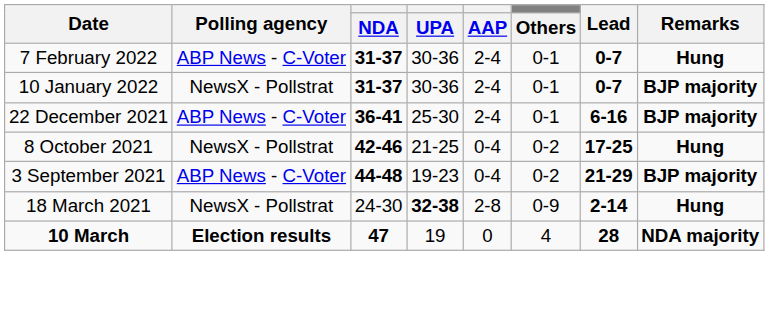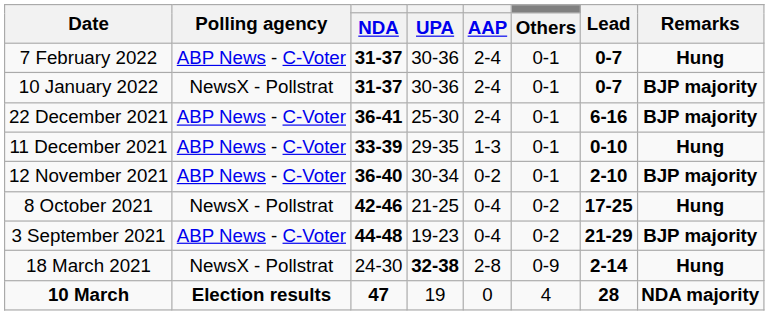 <table class="wikitable sortable" style="text-align:center";font-size:95%;>
 <tr>
 <th rowspan="2">Date</th>
 <th rowspan="2">Polling agency</th>
 <th style="background:"></th>
 <th style="background:"></th>
 <th style="text-align:center; background:"></th>
 <th style="background:gray;"></th>
 <th rowspan="2">Lead</th>
 <th rowspan="2">Remarks</th>
 </tr>
 <tr>
 <th><a href='#'>NDA</a></th>
 <th><a href='#'>UPA</a></th>
 <th><a href='#'>AAP</a></th>
 <th>Others</th>
 </tr>
 <tr>
 <td>7 February 2022</td>
 <td><a href='#'>ABP News</a> - <a href='#'>C-Voter</a></td>
 <td style="background:"><strong>31-37</strong></td>
 <td>30-36</td>
 <td>2-4</td>
 <td>0-1</td>
 <td style="background:"><strong>0-7</strong></td>
 <td><strong>Hung</strong></td>
 </tr>
 <tr>
 <td>10 January 2022</td>
 <td>NewsX - Pollstrat</td>
 <td style="background:"><strong>31-37</strong></td>
 <td>30-36</td>
 <td>2-4</td>
 <td>0-1</td>
 <td style="background:"><strong>0-7</strong></td>
 <td style="background:"><strong>BJP majority</strong></td>
 </tr>
 <tr>
 <td>22 December 2021</td>
 <td><a href='#'>ABP News</a> - <a href='#'>C-Voter</a></td>
 <td style="background:"><strong>36-41</strong></td>
 <td>25-30</td>
 <td>2-4</td>
 <td>0-1</td>
 <td style="background:"><strong>6-16</strong></td>
 <td style="background:"><strong>BJP majority</strong></td>
 </tr>
 <tr>
+<td>11 December 2021</td>
+<td><a href='#'>ABP News</a> - <a href='#'>C-Voter</a></td>
+<td style="background:"><strong>33-39</strong></td>
+<td>29-35</td>
+<td>1-3</td>
+<td>0-1</td>
+<td style="background:"><strong>0-10</strong></td>
+<td><strong>Hung</strong></td>
+</tr>
+<tr>
+<td>12 November 2021</td>
+<td><a href='#'>ABP News</a> - <a href='#'>C-Voter</a></td>
+<td style="background:"><strong>36-40</strong></td>
+<td>30-34</td>
+<td>0-2</td>
+<td>0-1</td>
+<td style="background:"><strong>2-10</strong></td>
+<td style="background:"><strong>BJP majority</strong></td>
+</tr>
+<tr>
 <td>8 October 2021</td>
 <td>NewsX - Pollstrat</td>
 <td style="background:"><strong>42-46</strong></td>
 <td>21-25</td>
 <td>0-4</td>
 <td>0-2</td>
 <td style="background:"><strong>17-25</strong></td>
 <td><strong>Hung</strong></td>
 </tr>
 <tr>
 <td>3 September 2021</td>
 <td><a href='#'>ABP News</a> - <a href='#'>C-Voter</a></td>
 <td style="background:"><strong>44-48</strong></td>
 <td>19-23</td>
 <td>0-4</td>
 <td>0-2</td>
 <td style="background:"><strong>21-29</strong></td>
 <td style="background:"><strong>BJP majority</strong></td>
 </tr>
 <tr>
 <td>18 March 2021</td>
 <td>NewsX - Pollstrat</td>
 <td>24-30</td>
 <td style="background:"><strong>32-38</strong></td>
 <td>2-8</td>
 <td>0-9</td>
 <td style="background:"><strong>2-14</strong></td>
 <td><strong>Hung</strong></td>
 </tr>
 <tr>
 <td style="background:"><strong>10 March</strong></td>
 <td style="background:"><strong>Election results</strong></td>
 <td><strong>47</strong></td>
 <td style="background:">19</td>
 <td style="background:">0</td>
 <td style="background:">4</td>
 <td><strong>28</strong></td>
 <td><strong>NDA majority</strong></td>
 </tr>
 </table>
